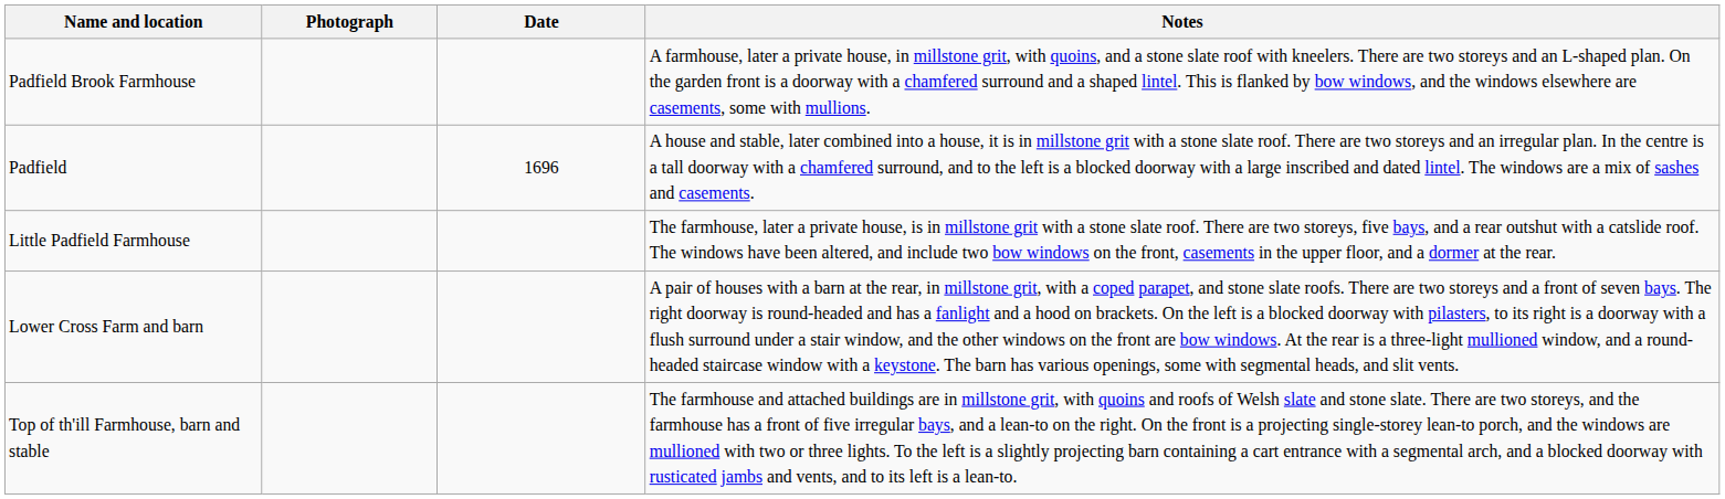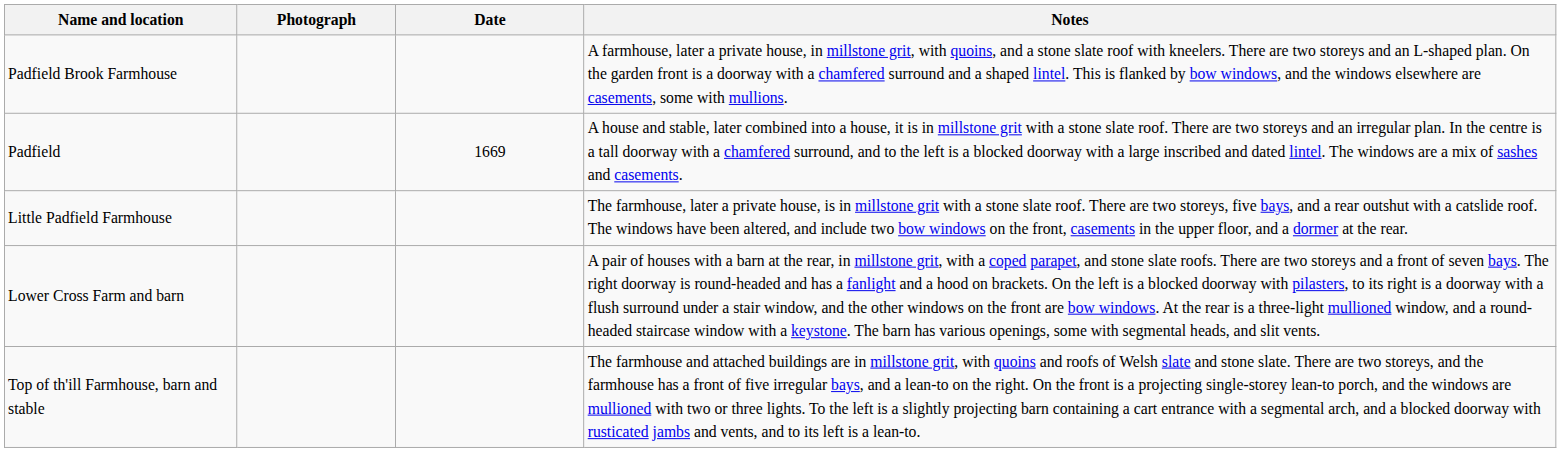 <table class="wikitable sortable plainrowheaders" style="width:100%;border:0px;text-align:left;line-height:150%;">
 <tr>
 <th scope="col"  style="width:150px">Name and location</th>
 <th scope="col"  style="width:100px" class="unsortable">Photograph</th>
 <th scope="col"  style="width:120px">Date</th>
 <th scope="col"  style="width:650px" class="unsortable">Notes</th>
 </tr>
 <tr>
 <td>Padfield Brook Farmhouse<br><small></small></td>
 <td></td>
 <td align="center"></td>
 <td>A farmhouse, later a private house, in <a href='#'>millstone grit</a>, with <a href='#'>quoins</a>, and a stone slate roof with kneelers.  There are two storeys and an L-shaped plan.  On the garden front is a doorway with a <a href='#'>chamfered</a> surround and a shaped <a href='#'>lintel</a>.  This is flanked by <a href='#'>bow windows</a>, and the windows elsewhere are <a href='#'>casements</a>, some with <a href='#'>mullions</a>.</td>
 </tr>
 <tr>
 <td>Padfield<br><small></small></td>
 <td></td>
-<td align="center">1696</td>
+<td align="center">1669</td>
 <td>A house and stable, later combined into a house, it is in <a href='#'>millstone grit</a> with a stone slate roof.  There are two storeys and an irregular plan.  In the centre is a tall doorway with a <a href='#'>chamfered</a> surround, and to the left is a blocked doorway with a large inscribed and dated <a href='#'>lintel</a>.  The windows are a mix of <a href='#'>sashes</a> and <a href='#'>casements</a>.</td>
 </tr>
 <tr>
 <td>Little Padfield Farmhouse<br><small></small></td>
 <td></td>
 <td align="center"></td>
 <td>The farmhouse, later a private house, is in <a href='#'>millstone grit</a> with a stone slate roof.  There are two storeys, five <a href='#'>bays</a>, and a rear outshut with a catslide roof.  The windows have been altered, and include two <a href='#'>bow windows</a> on the front, <a href='#'>casements</a> in the upper floor, and a <a href='#'>dormer</a> at the rear.</td>
 </tr>
 <tr>
 <td>Lower Cross Farm and barn<br><small></small></td>
 <td></td>
 <td align="center"></td>
 <td>A pair of houses with a barn at the rear, in <a href='#'>millstone grit</a>, with a <a href='#'>coped</a> <a href='#'>parapet</a>, and stone slate roofs.  There are two storeys and a front of seven <a href='#'>bays</a>.  The right doorway is round-headed and has a <a href='#'>fanlight</a> and a hood on brackets. On the left is a blocked doorway with <a href='#'>pilasters</a>, to its right is a doorway with a flush surround under a stair window, and the other windows on the front are <a href='#'>bow windows</a>.  At the rear is a three-light <a href='#'>mullioned</a> window, and a round-headed staircase window with a <a href='#'>keystone</a>.  The barn has various openings, some with segmental heads, and slit vents.</td>
 </tr>
 <tr>
 <td>Top of th'ill Farmhouse, barn and stable<br><small></small></td>
 <td></td>
 <td align="center"></td>
 <td>The farmhouse and attached buildings are in <a href='#'>millstone grit</a>, with <a href='#'>quoins</a> and roofs of Welsh <a href='#'>slate</a> and stone slate.  There are two storeys, and the farmhouse has a front of five irregular <a href='#'>bays</a>, and a lean-to on the right. On the front is a projecting single-storey lean-to porch, and the windows are <a href='#'>mullioned</a> with two or three lights.  To the left is a slightly projecting barn containing a cart entrance with a segmental arch, and a blocked doorway with <a href='#'>rusticated</a> <a href='#'>jambs</a> and vents, and to its left is a lean-to.</td>
 </tr>
 <tr>
 </tr>
 </table>
